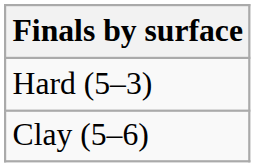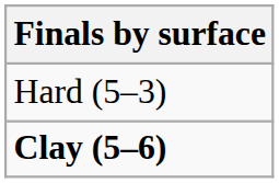 <table class=wikitable style=font-size:90%>
 <tr>
 <th>Finals by surface</th>
 </tr>
 <tr>
 <td>Hard (5–3)</td>
 </tr>
 <tr>
-<td>Clay (5–6)</td>
+<td><strong>Clay (5–6)</strong></td>
 </tr>
 </table>
